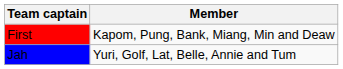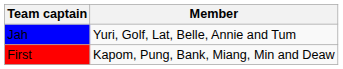 <table class="wikitable">
 <tr>
 <th>Team captain</th>
 <th>Member</th>
 </tr>
 <tr>
+<td style="background:#0000FF"><span>Jah</span></td>
+<td>Yuri, Golf, Lat, Belle, Annie and Tum</td>
+</tr>
+<tr>
 <td style="background:red"><span>First</span></td>
 <td>Kapom, Pung, Bank, Miang, Min and Deaw</td>
 </tr>
-<tr>
-<td style="background:#0000FF"><span>Jah</span></td>
-<td>Yuri, Golf, Lat, Belle, Annie and Tum</td>
-</tr>
 </table>
